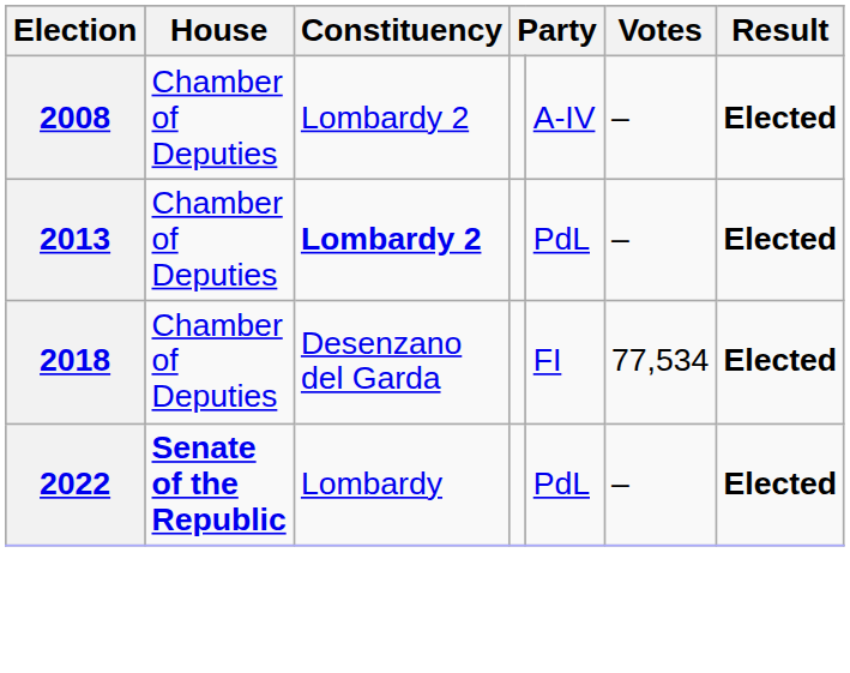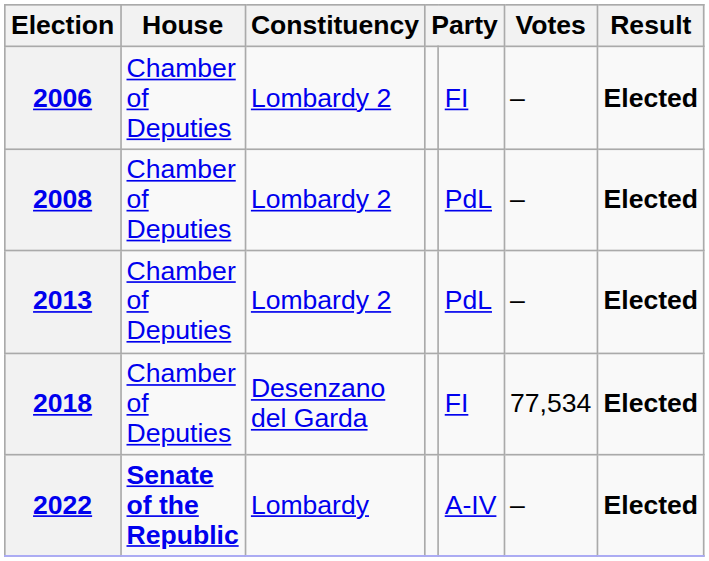 <table class=wikitable style="width:55%; border:1px #AAAAFF solid">
 <tr>
 <th width=12%>Election</th>
 <th width=25%>House</th>
 <th width=25%>Constituency</th>
 <th width=10% colspan="2">Party</th>
 <th width=12%>Votes</th>
 <th width=12%>Result</th>
 </tr>
 <tr>
+<th><a href='#'>2006</a></th>
+<td><a href='#'>Chamber of Deputies</a></td>
+<td><a href='#'>Lombardy 2</a></td>
+<td></td>
+<td><a href='#'>FI</a></td>
+<td>–</td>
+<td> <strong>Elected</strong></td>
+</tr>
+<tr>
 <th><a href='#'>2008</a></th>
 <td><a href='#'>Chamber of Deputies</a></td>
 <td><a href='#'>Lombardy 2</a></td>
 <td></td>
-<td><a href='#'>A-IV</a></td>
+<td><a href='#'>PdL</a></td>
 <td>–</td>
 <td> <strong>Elected</strong></td>
 </tr>
 <tr>
 <th><a href='#'>2013</a></th>
 <td><a href='#'>Chamber of Deputies</a></td>
-<td><strong><a href='#'>Lombardy 2</a></strong></td>
+<td><a href='#'>Lombardy 2</a></td>
 <td></td>
 <td><a href='#'>PdL</a></td>
 <td>–</td>
 <td> <strong>Elected</strong></td>
 </tr>
 <tr>
 <th><a href='#'>2018</a></th>
 <td><a href='#'>Chamber of Deputies</a></td>
 <td><a href='#'>Desenzano del Garda</a></td>
 <td></td>
 <td><a href='#'>FI</a></td>
 <td>77,534</td>
 <td> <strong>Elected</strong></td>
 </tr>
 <tr>
 <th><a href='#'>2022</a></th>
 <td><strong><a href='#'>Senate of the Republic</a></strong></td>
 <td><a href='#'>Lombardy</a></td>
 <td></td>
-<td><a href='#'>PdL</a></td>
+<td><a href='#'>A-IV</a></td>
 <td>–</td>
 <td> <strong>Elected</strong></td>
 </tr>
 <tr>
 </tr>
 </table>
